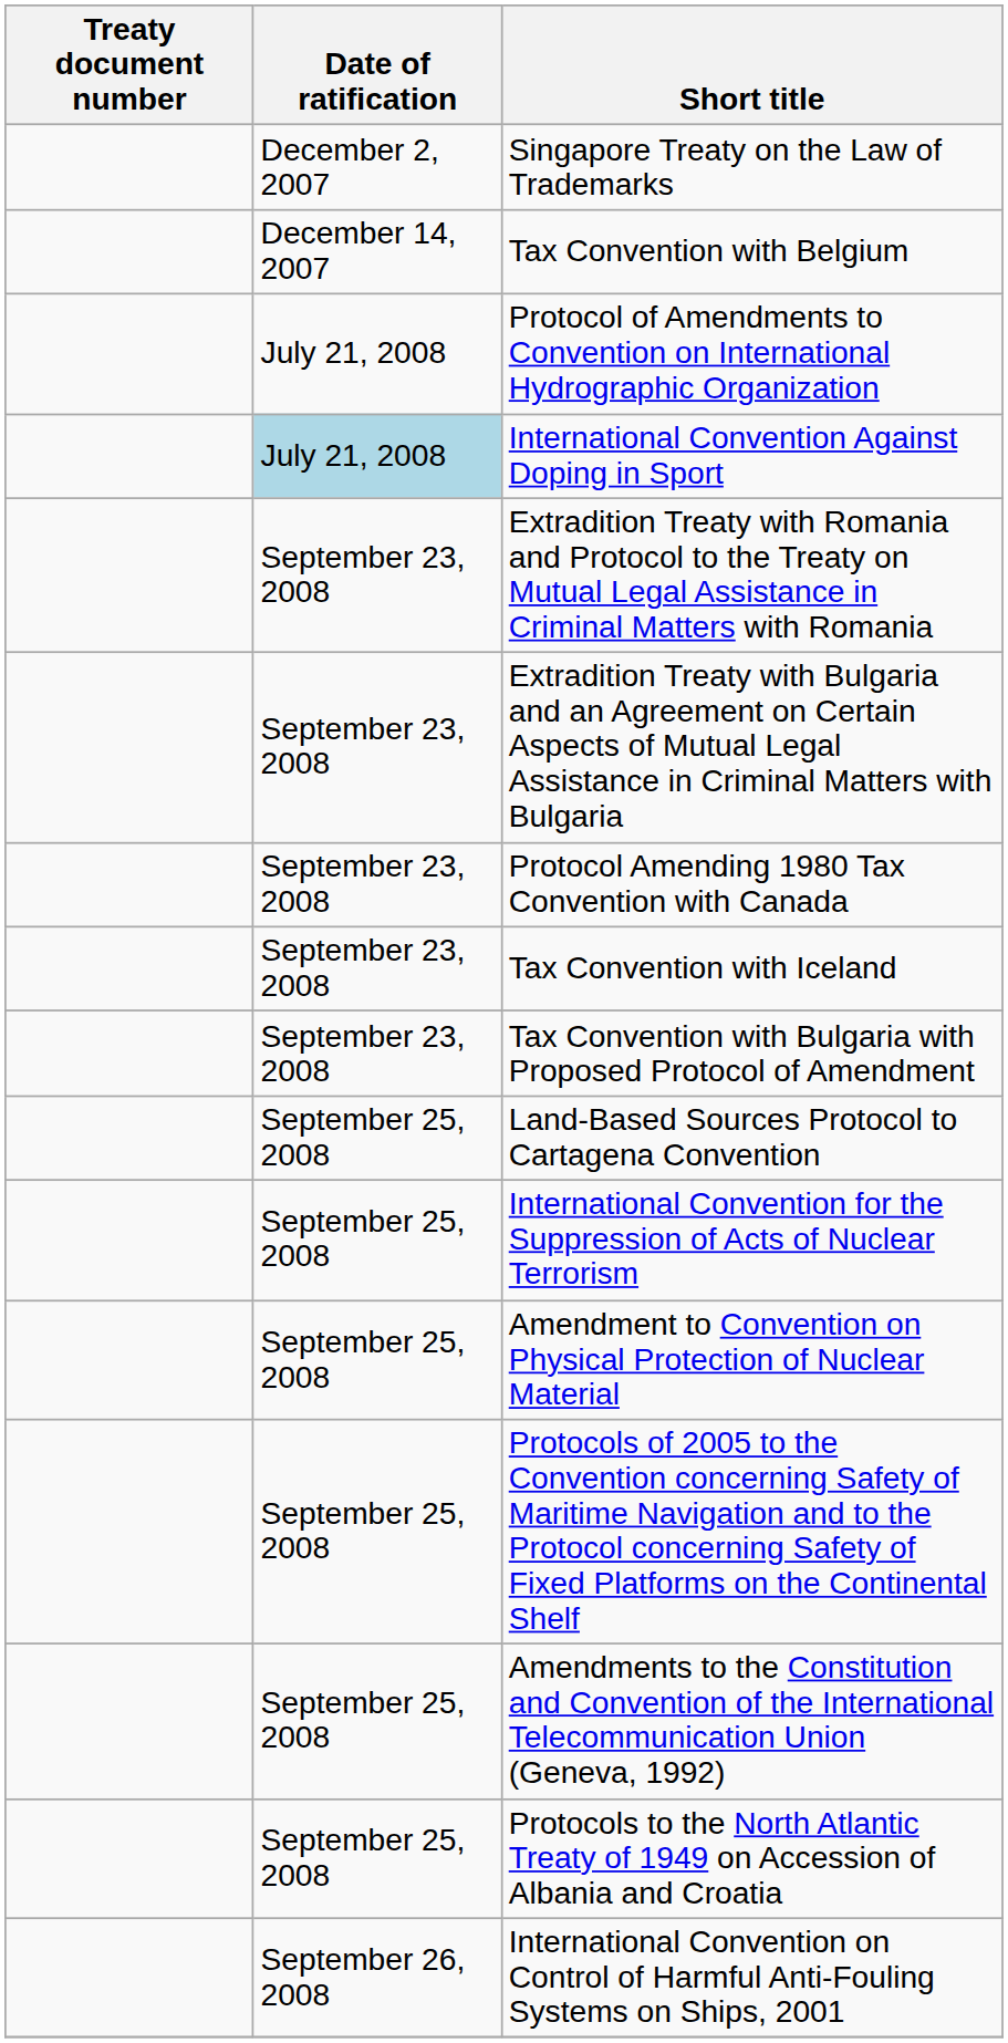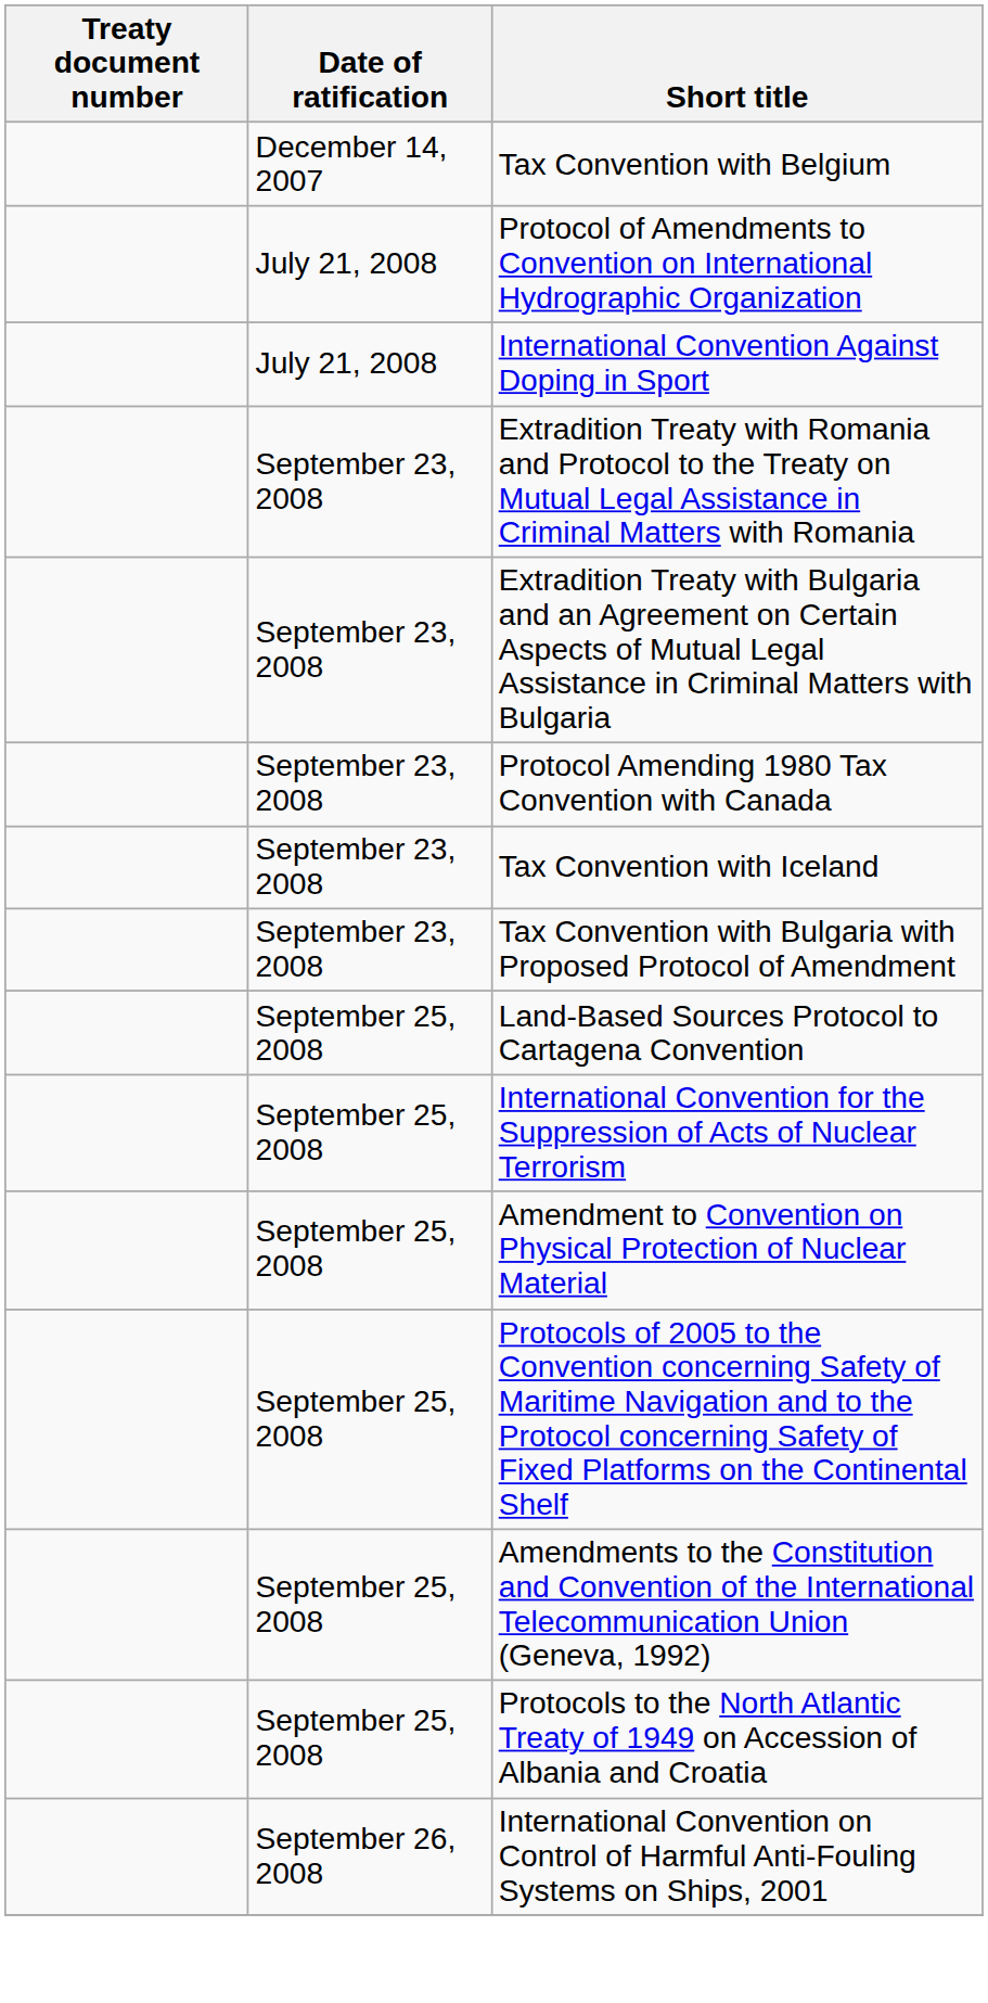 <table class=wikitable>
 <tr valign=bottom>
 <th style="width: 120px;">Treaty document number</th>
 <th style="width: 120px;">Date of ratification</th>
 <th style="width: 250px; valign: bottom">Short title</th>
-</tr>
-<tr>
-<td></td>
-<td>December 2, 2007</td>
-<td>Singapore Treaty on the Law of Trademarks</td>
 </tr>
 <tr>
 <td></td>
 <td>December 14, 2007</td>
 <td>Tax Convention with Belgium</td>
 </tr>
 <tr>
 <td></td>
 <td>July 21, 2008</td>
 <td>Protocol of Amendments to <a href='#'>Convention on International Hydrographic Organization</a></td>
 </tr>
 <tr>
 <td></td>
-<td style="background: lightblue;">July 21, 2008</td>
+<td>July 21, 2008</td>
 <td><a href='#'>International Convention Against Doping in Sport</a></td>
 </tr>
 <tr>
 <td></td>
 <td>September 23, 2008</td>
 <td>Extradition Treaty with Romania and Protocol to the Treaty on <a href='#'>Mutual Legal Assistance in Criminal Matters</a> with Romania</td>
 </tr>
 <tr>
 <td></td>
 <td>September 23, 2008</td>
 <td>Extradition Treaty with Bulgaria and an Agreement on Certain Aspects of Mutual Legal Assistance in Criminal Matters with Bulgaria</td>
 </tr>
 <tr>
 <td></td>
 <td>September 23, 2008</td>
 <td>Protocol Amending 1980 Tax Convention with Canada</td>
 </tr>
 <tr>
 <td></td>
 <td>September 23, 2008</td>
 <td>Tax Convention with Iceland</td>
 </tr>
 <tr>
 <td></td>
 <td>September 23, 2008</td>
 <td>Tax Convention with Bulgaria with Proposed Protocol of Amendment</td>
 </tr>
 <tr>
 <td></td>
 <td>September 25, 2008</td>
 <td>Land-Based Sources Protocol to Cartagena Convention</td>
 </tr>
 <tr>
 <td></td>
 <td>September 25, 2008</td>
 <td><a href='#'>International Convention for the Suppression of Acts of Nuclear Terrorism</a></td>
 </tr>
 <tr>
 <td></td>
 <td>September 25, 2008</td>
 <td>Amendment to <a href='#'>Convention on Physical Protection of Nuclear Material</a></td>
 </tr>
 <tr>
 <td></td>
 <td>September 25, 2008</td>
 <td><a href='#'>Protocols of 2005 to the Convention concerning Safety of Maritime Navigation and to the Protocol concerning Safety of Fixed Platforms on the Continental Shelf</a></td>
 </tr>
 <tr>
 <td></td>
 <td>September 25, 2008</td>
 <td>Amendments to the <a href='#'>Constitution and Convention of the International Telecommunication Union</a> (Geneva, 1992)</td>
 </tr>
 <tr>
 <td></td>
 <td>September 25, 2008</td>
 <td>Protocols to the <a href='#'>North Atlantic Treaty of 1949</a> on Accession of Albania and Croatia</td>
 </tr>
 <tr>
 <td></td>
 <td>September 26, 2008</td>
 <td>International Convention on Control of Harmful Anti-Fouling Systems on Ships, 2001</td>
 </tr>
 <tr>
 </tr>
 </table>
